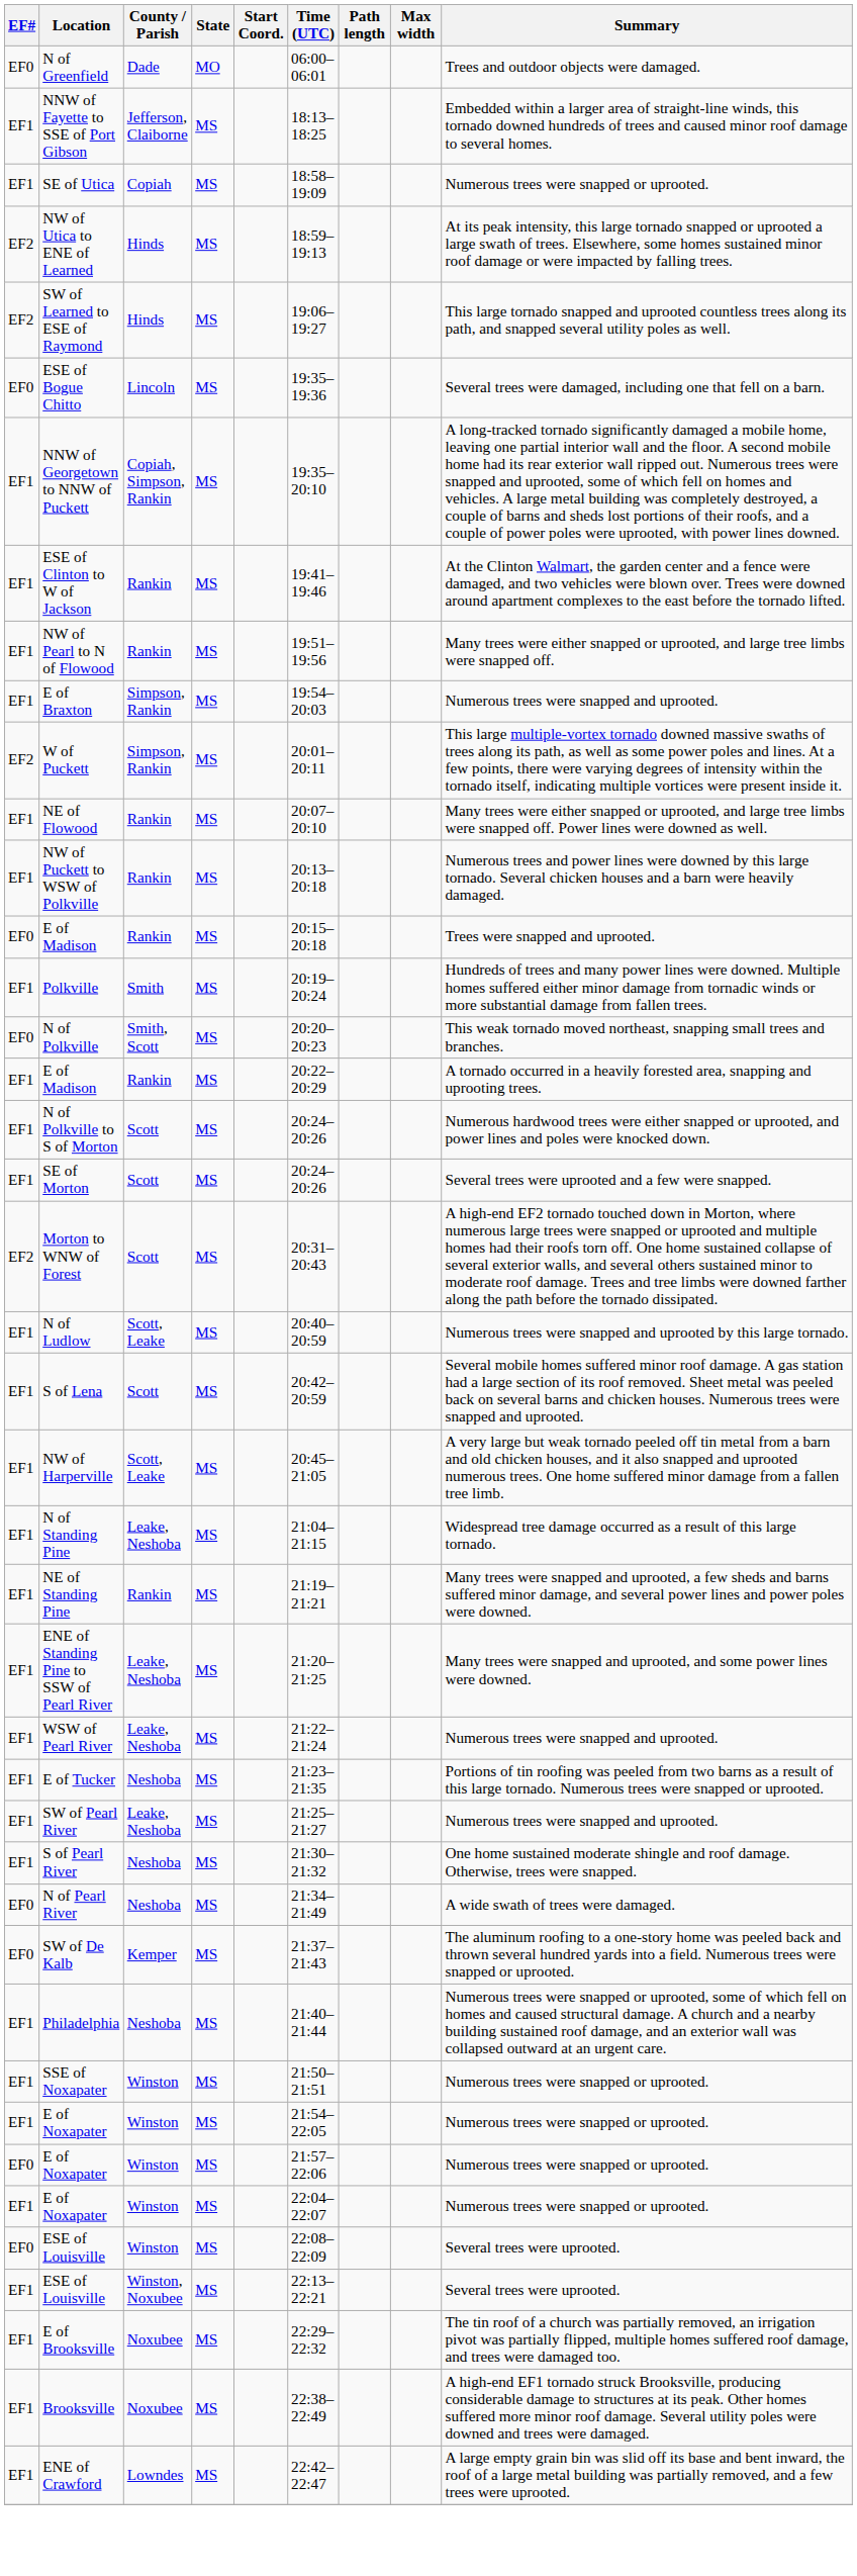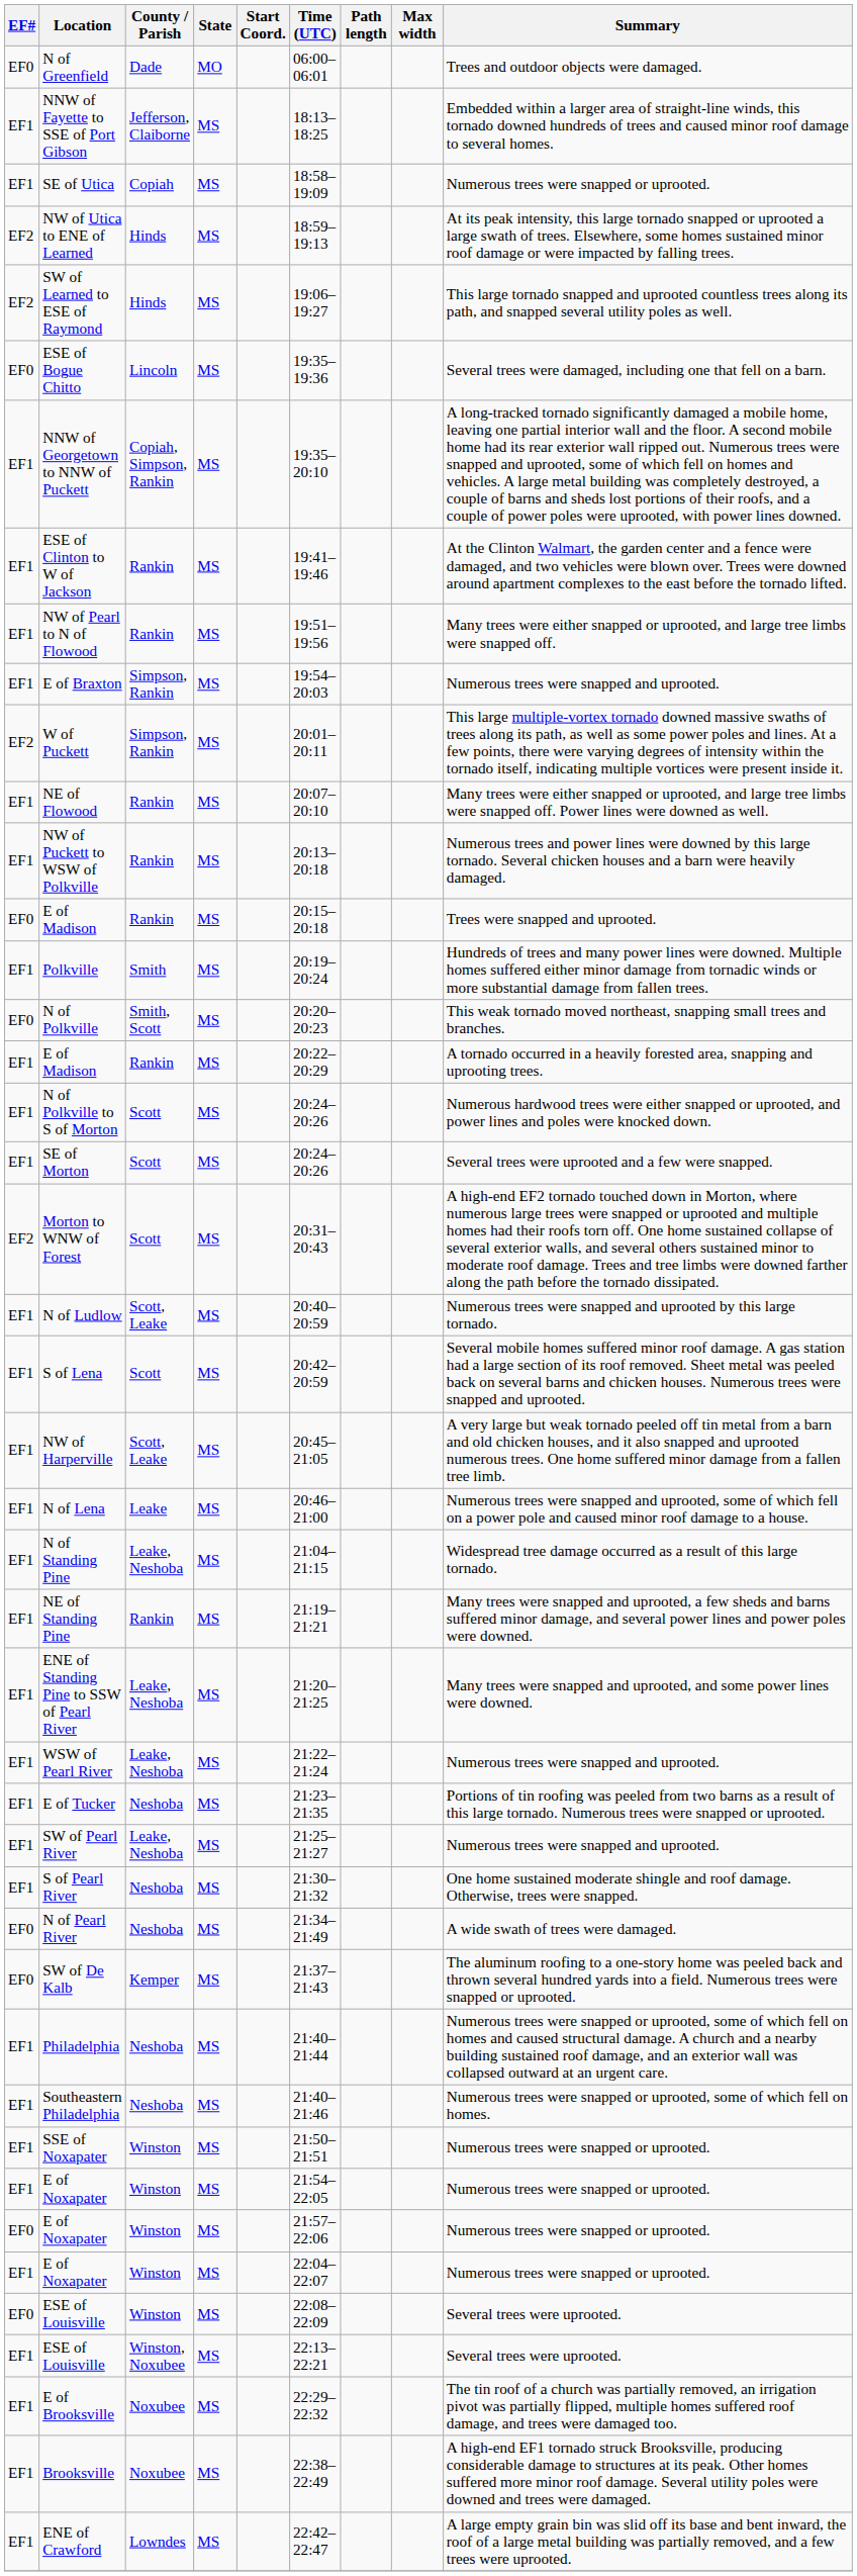 <table class="wikitable sortable" style="width:100%;">
 <tr>
 <th scope="col"  style="width:3%; text-align:center;"><a href='#'>EF#</a></th>
 <th scope="col"  style="width:7%; text-align:center;" class="unsortable">Location</th>
 <th scope="col"  style="width:6%; text-align:center;" class="unsortable">County / Parish</th>
 <th scope="col"  style="width:5%; text-align:center;">State</th>
 <th scope="col"  style="width:6%; text-align:center;">Start Coord.</th>
 <th scope="col"  style="width:6%; text-align:center;">Time (<a href='#'>UTC</a>)</th>
 <th scope="col"  style="width:6%; text-align:center;">Path length</th>
 <th scope="col"  style="width:6%; text-align:center;">Max width</th>
 <th scope="col" class="unsortable" style="width:48%; text-align:center;">Summary</th>
 </tr>
 <tr>
 <td>EF0</td>
 <td>N of <a href='#'>Greenfield</a></td>
 <td><a href='#'>Dade</a></td>
 <td><a href='#'>MO</a></td>
 <td></td>
 <td>06:00–06:01</td>
 <td></td>
 <td></td>
 <td>Trees and outdoor objects were damaged.</td>
 </tr>
 <tr>
 <td>EF1</td>
 <td>NNW of <a href='#'>Fayette</a> to SSE of <a href='#'>Port Gibson</a></td>
 <td><a href='#'>Jefferson</a>, <a href='#'>Claiborne</a></td>
 <td><a href='#'>MS</a></td>
 <td></td>
 <td>18:13–18:25</td>
 <td></td>
 <td></td>
 <td>Embedded within a larger area of straight-line winds, this tornado downed hundreds of trees and caused minor roof damage to several homes.</td>
 </tr>
 <tr>
 <td>EF1</td>
 <td>SE of <a href='#'>Utica</a></td>
 <td><a href='#'>Copiah</a></td>
 <td><a href='#'>MS</a></td>
 <td></td>
 <td>18:58–19:09</td>
 <td></td>
 <td></td>
 <td>Numerous trees were snapped or uprooted.</td>
 </tr>
 <tr>
 <td>EF2</td>
 <td>NW of <a href='#'>Utica</a> to ENE of <a href='#'>Learned</a></td>
 <td><a href='#'>Hinds</a></td>
 <td><a href='#'>MS</a></td>
 <td></td>
 <td>18:59–19:13</td>
 <td></td>
 <td></td>
 <td>At its peak intensity, this large tornado snapped or uprooted a large swath of trees. Elsewhere, some homes sustained minor roof damage or were impacted by falling trees.</td>
 </tr>
 <tr>
 <td>EF2</td>
 <td>SW of <a href='#'>Learned</a> to ESE of <a href='#'>Raymond</a></td>
 <td><a href='#'>Hinds</a></td>
 <td><a href='#'>MS</a></td>
 <td></td>
 <td>19:06–19:27</td>
 <td></td>
 <td></td>
 <td>This large tornado snapped and uprooted countless trees along its path, and snapped several utility poles as well.</td>
 </tr>
 <tr>
 <td>EF0</td>
 <td>ESE of <a href='#'>Bogue Chitto</a></td>
 <td><a href='#'>Lincoln</a></td>
 <td><a href='#'>MS</a></td>
 <td></td>
 <td>19:35–19:36</td>
 <td></td>
 <td></td>
 <td>Several trees were damaged, including one that fell on a barn.</td>
 </tr>
 <tr>
 <td>EF1</td>
 <td>NNW of <a href='#'>Georgetown</a> to NNW of <a href='#'>Puckett</a></td>
 <td><a href='#'>Copiah</a>, <a href='#'>Simpson</a>, <a href='#'>Rankin</a></td>
 <td><a href='#'>MS</a></td>
 <td></td>
 <td>19:35–20:10</td>
 <td></td>
 <td></td>
 <td>A long-tracked tornado significantly damaged a mobile home, leaving one partial interior wall and the floor. A second mobile home had its rear exterior wall ripped out. Numerous trees were snapped and uprooted, some of which fell on homes and vehicles. A large metal building was completely destroyed, a couple of barns and sheds lost portions of their roofs, and a couple of power poles were uprooted, with power lines downed.</td>
 </tr>
 <tr>
 <td>EF1</td>
 <td>ESE of <a href='#'>Clinton</a> to W of <a href='#'>Jackson</a></td>
 <td><a href='#'>Rankin</a></td>
 <td><a href='#'>MS</a></td>
 <td></td>
 <td>19:41–19:46</td>
 <td></td>
 <td></td>
 <td>At the Clinton <a href='#'>Walmart</a>, the garden center and a fence were damaged, and two vehicles were blown over. Trees were downed around apartment complexes to the east before the tornado lifted.</td>
 </tr>
 <tr>
 <td>EF1</td>
 <td>NW of <a href='#'>Pearl</a> to N of <a href='#'>Flowood</a></td>
 <td><a href='#'>Rankin</a></td>
 <td><a href='#'>MS</a></td>
 <td></td>
 <td>19:51–19:56</td>
 <td></td>
 <td></td>
 <td>Many trees were either snapped or uprooted, and large tree limbs were snapped off.</td>
 </tr>
 <tr>
 <td>EF1</td>
 <td>E of <a href='#'>Braxton</a></td>
 <td><a href='#'>Simpson</a>, <a href='#'>Rankin</a></td>
 <td><a href='#'>MS</a></td>
 <td></td>
 <td>19:54–20:03</td>
 <td></td>
 <td></td>
 <td>Numerous trees were snapped and uprooted.</td>
 </tr>
 <tr>
 <td>EF2</td>
 <td>W of <a href='#'>Puckett</a></td>
 <td><a href='#'>Simpson</a>, <a href='#'>Rankin</a></td>
 <td><a href='#'>MS</a></td>
 <td></td>
 <td>20:01–20:11</td>
 <td></td>
 <td></td>
 <td>This large <a href='#'>multiple-vortex tornado</a> downed massive swaths of trees along its path, as well as some power poles and lines. At a few points, there were varying degrees of intensity within the tornado itself, indicating multiple vortices were present inside it.</td>
 </tr>
 <tr>
 <td>EF1</td>
 <td>NE of <a href='#'>Flowood</a></td>
 <td><a href='#'>Rankin</a></td>
 <td><a href='#'>MS</a></td>
 <td></td>
 <td>20:07–20:10</td>
 <td></td>
 <td></td>
 <td>Many trees were either snapped or uprooted, and large tree limbs were snapped off. Power lines were downed as well.</td>
 </tr>
 <tr>
 <td>EF1</td>
 <td>NW of <a href='#'>Puckett</a> to WSW of <a href='#'>Polkville</a></td>
 <td><a href='#'>Rankin</a></td>
 <td><a href='#'>MS</a></td>
 <td></td>
 <td>20:13–20:18</td>
 <td></td>
 <td></td>
 <td>Numerous trees and power lines were downed by this large tornado. Several chicken houses and a barn were heavily damaged.</td>
 </tr>
 <tr>
 <td>EF0</td>
 <td>E of <a href='#'>Madison</a></td>
 <td><a href='#'>Rankin</a></td>
 <td><a href='#'>MS</a></td>
 <td></td>
 <td>20:15–20:18</td>
 <td></td>
 <td></td>
 <td>Trees were snapped and uprooted.</td>
 </tr>
 <tr>
 <td>EF1</td>
 <td><a href='#'>Polkville</a></td>
 <td><a href='#'>Smith</a></td>
 <td><a href='#'>MS</a></td>
 <td></td>
 <td>20:19–20:24</td>
 <td></td>
 <td></td>
 <td>Hundreds of trees and many power lines were downed. Multiple homes suffered either minor damage from tornadic winds or more substantial damage from fallen trees.</td>
 </tr>
 <tr>
 <td>EF0</td>
 <td>N of <a href='#'>Polkville</a></td>
 <td><a href='#'>Smith</a>, <a href='#'>Scott</a></td>
 <td><a href='#'>MS</a></td>
 <td></td>
 <td>20:20–20:23</td>
 <td></td>
 <td></td>
 <td>This weak tornado moved northeast, snapping small trees and branches.</td>
 </tr>
 <tr>
 <td>EF1</td>
 <td>E of <a href='#'>Madison</a></td>
 <td><a href='#'>Rankin</a></td>
 <td><a href='#'>MS</a></td>
 <td></td>
 <td>20:22–20:29</td>
 <td></td>
 <td></td>
 <td>A tornado occurred in a heavily forested area, snapping and uprooting trees.</td>
 </tr>
 <tr>
 <td>EF1</td>
 <td>N of <a href='#'>Polkville</a> to S of <a href='#'>Morton</a></td>
 <td><a href='#'>Scott</a></td>
 <td><a href='#'>MS</a></td>
 <td></td>
 <td>20:24–20:26</td>
 <td></td>
 <td></td>
 <td>Numerous hardwood trees were either snapped or uprooted, and power lines and poles were knocked down.</td>
 </tr>
 <tr>
 <td>EF1</td>
 <td>SE of <a href='#'>Morton</a></td>
 <td><a href='#'>Scott</a></td>
 <td><a href='#'>MS</a></td>
 <td></td>
 <td>20:24–20:26</td>
 <td></td>
 <td></td>
 <td>Several trees were uprooted and a few were snapped.</td>
 </tr>
 <tr>
 <td>EF2</td>
 <td><a href='#'>Morton</a> to WNW of <a href='#'>Forest</a></td>
 <td><a href='#'>Scott</a></td>
 <td><a href='#'>MS</a></td>
 <td></td>
 <td>20:31–20:43</td>
 <td></td>
 <td></td>
 <td>A high-end EF2 tornado touched down in Morton, where numerous large trees were snapped or uprooted and multiple homes had their roofs torn off. One home sustained collapse of several exterior walls, and several others sustained minor to moderate roof damage. Trees and tree limbs were downed farther along the path before the tornado dissipated.</td>
 </tr>
 <tr>
 <td>EF1</td>
 <td>N of <a href='#'>Ludlow</a></td>
 <td><a href='#'>Scott</a>, <a href='#'>Leake</a></td>
 <td><a href='#'>MS</a></td>
 <td></td>
 <td>20:40–20:59</td>
 <td></td>
 <td></td>
 <td>Numerous trees were snapped and uprooted by this large tornado.</td>
 </tr>
 <tr>
 <td>EF1</td>
 <td>S of <a href='#'>Lena</a></td>
 <td><a href='#'>Scott</a></td>
 <td><a href='#'>MS</a></td>
 <td></td>
 <td>20:42–20:59</td>
 <td></td>
 <td></td>
 <td>Several mobile homes suffered minor roof damage. A gas station had a large section of its roof removed. Sheet metal was peeled back on several barns and chicken houses. Numerous trees were snapped and uprooted.</td>
 </tr>
 <tr>
 <td>EF1</td>
 <td>NW of <a href='#'>Harperville</a></td>
 <td><a href='#'>Scott</a>, <a href='#'>Leake</a></td>
 <td><a href='#'>MS</a></td>
 <td></td>
 <td>20:45–21:05</td>
 <td></td>
 <td></td>
 <td>A very large but weak tornado peeled off tin metal from a barn and old chicken houses, and it also snapped and uprooted numerous trees. One home suffered minor damage from a fallen tree limb.</td>
 </tr>
 <tr>
 <td>EF1</td>
+<td>N of <a href='#'>Lena</a></td>
+<td><a href='#'>Leake</a></td>
+<td><a href='#'>MS</a></td>
+<td></td>
+<td>20:46–21:00</td>
+<td></td>
+<td></td>
+<td>Numerous trees were snapped and uprooted, some of which fell on a power pole and caused minor roof damage to a house.</td>
+</tr>
+<tr>
+<td>EF1</td>
 <td>N of <a href='#'>Standing Pine</a></td>
 <td><a href='#'>Leake</a>, <a href='#'>Neshoba</a></td>
 <td><a href='#'>MS</a></td>
 <td></td>
 <td>21:04–21:15</td>
 <td></td>
 <td></td>
 <td>Widespread tree damage occurred as a result of this large tornado.</td>
 </tr>
 <tr>
 <td>EF1</td>
 <td>NE of <a href='#'>Standing Pine</a></td>
 <td><a href='#'>Rankin</a></td>
 <td><a href='#'>MS</a></td>
 <td></td>
 <td>21:19–21:21</td>
 <td></td>
 <td></td>
 <td>Many trees were snapped and uprooted, a few sheds and barns suffered minor damage, and several power lines and power poles were downed.</td>
 </tr>
 <tr>
 <td>EF1</td>
 <td>ENE of <a href='#'>Standing Pine</a> to SSW of <a href='#'>Pearl River</a></td>
 <td><a href='#'>Leake</a>, <a href='#'>Neshoba</a></td>
 <td><a href='#'>MS</a></td>
 <td></td>
 <td>21:20–21:25</td>
 <td></td>
 <td></td>
 <td>Many trees were snapped and uprooted, and some power lines were downed.</td>
 </tr>
 <tr>
 <td>EF1</td>
 <td>WSW of <a href='#'>Pearl River</a></td>
 <td><a href='#'>Leake</a>, <a href='#'>Neshoba</a></td>
 <td><a href='#'>MS</a></td>
 <td></td>
 <td>21:22–21:24</td>
 <td></td>
 <td></td>
 <td>Numerous trees were snapped and uprooted.</td>
 </tr>
 <tr>
 <td>EF1</td>
 <td>E of <a href='#'>Tucker</a></td>
 <td><a href='#'>Neshoba</a></td>
 <td><a href='#'>MS</a></td>
 <td></td>
 <td>21:23–21:35</td>
 <td></td>
 <td></td>
 <td>Portions of tin roofing was peeled from two barns as a result of this large tornado. Numerous trees were snapped or uprooted.</td>
 </tr>
 <tr>
 <td>EF1</td>
 <td>SW of <a href='#'>Pearl River</a></td>
 <td><a href='#'>Leake</a>, <a href='#'>Neshoba</a></td>
 <td><a href='#'>MS</a></td>
 <td></td>
 <td>21:25–21:27</td>
 <td></td>
 <td></td>
 <td>Numerous trees were snapped and uprooted.</td>
 </tr>
 <tr>
 <td>EF1</td>
 <td>S of <a href='#'>Pearl River</a></td>
 <td><a href='#'>Neshoba</a></td>
 <td><a href='#'>MS</a></td>
 <td></td>
 <td>21:30–21:32</td>
 <td></td>
 <td></td>
 <td>One home sustained moderate shingle and roof damage. Otherwise, trees were snapped.</td>
 </tr>
 <tr>
 <td>EF0</td>
 <td>N of <a href='#'>Pearl River</a></td>
 <td><a href='#'>Neshoba</a></td>
 <td><a href='#'>MS</a></td>
 <td></td>
 <td>21:34–21:49</td>
 <td></td>
 <td></td>
 <td>A wide swath of trees were damaged.</td>
 </tr>
 <tr>
 <td>EF0</td>
 <td>SW of <a href='#'>De Kalb</a></td>
 <td><a href='#'>Kemper</a></td>
 <td><a href='#'>MS</a></td>
 <td></td>
 <td>21:37–21:43</td>
 <td></td>
 <td></td>
 <td>The aluminum roofing to a one-story home was peeled back and thrown several hundred yards into a field. Numerous trees were snapped or uprooted.</td>
 </tr>
 <tr>
 <td>EF1</td>
 <td><a href='#'>Philadelphia</a></td>
 <td><a href='#'>Neshoba</a></td>
 <td><a href='#'>MS</a></td>
 <td></td>
 <td>21:40–21:44</td>
 <td></td>
 <td></td>
 <td>Numerous trees were snapped or uprooted, some of which fell on homes and caused structural damage. A church and a nearby building sustained roof damage, and an exterior wall was collapsed outward at an urgent care.</td>
 </tr>
 <tr>
 <td>EF1</td>
+<td>Southeastern <a href='#'>Philadelphia</a></td>
+<td><a href='#'>Neshoba</a></td>
+<td><a href='#'>MS</a></td>
+<td></td>
+<td>21:40–21:46</td>
+<td></td>
+<td></td>
+<td>Numerous trees were snapped or uprooted, some of which fell on homes.</td>
+</tr>
+<tr>
+<td>EF1</td>
 <td>SSE of <a href='#'>Noxapater</a></td>
 <td><a href='#'>Winston</a></td>
 <td><a href='#'>MS</a></td>
 <td></td>
 <td>21:50–21:51</td>
 <td></td>
 <td></td>
 <td>Numerous trees were snapped or uprooted.</td>
 </tr>
 <tr>
 <td>EF1</td>
 <td>E of <a href='#'>Noxapater</a></td>
 <td><a href='#'>Winston</a></td>
 <td><a href='#'>MS</a></td>
 <td></td>
 <td>21:54–22:05</td>
 <td></td>
 <td></td>
 <td>Numerous trees were snapped or uprooted.</td>
 </tr>
 <tr>
 <td>EF0</td>
 <td>E of <a href='#'>Noxapater</a></td>
 <td><a href='#'>Winston</a></td>
 <td><a href='#'>MS</a></td>
 <td></td>
 <td>21:57–22:06</td>
 <td></td>
 <td></td>
 <td>Numerous trees were snapped or uprooted.</td>
 </tr>
 <tr>
 <td>EF1</td>
 <td>E of <a href='#'>Noxapater</a></td>
 <td><a href='#'>Winston</a></td>
 <td><a href='#'>MS</a></td>
 <td></td>
 <td>22:04–22:07</td>
 <td></td>
 <td></td>
 <td>Numerous trees were snapped or uprooted.</td>
 </tr>
 <tr>
 <td>EF0</td>
 <td>ESE of <a href='#'>Louisville</a></td>
 <td><a href='#'>Winston</a></td>
 <td><a href='#'>MS</a></td>
 <td></td>
 <td>22:08–22:09</td>
 <td></td>
 <td></td>
 <td>Several trees were uprooted.</td>
 </tr>
 <tr>
 <td>EF1</td>
 <td>ESE of <a href='#'>Louisville</a></td>
 <td><a href='#'>Winston</a>, <a href='#'>Noxubee</a></td>
 <td><a href='#'>MS</a></td>
 <td></td>
 <td>22:13–22:21</td>
 <td></td>
 <td></td>
 <td>Several trees were uprooted.</td>
 </tr>
 <tr>
 <td>EF1</td>
 <td>E of <a href='#'>Brooksville</a></td>
 <td><a href='#'>Noxubee</a></td>
 <td><a href='#'>MS</a></td>
 <td></td>
 <td>22:29–22:32</td>
 <td></td>
 <td></td>
 <td>The tin roof of a church was partially removed, an irrigation pivot was partially flipped, multiple homes suffered roof damage, and trees were damaged too.</td>
 </tr>
 <tr>
 <td>EF1</td>
 <td><a href='#'>Brooksville</a></td>
 <td><a href='#'>Noxubee</a></td>
 <td><a href='#'>MS</a></td>
 <td></td>
 <td>22:38–22:49</td>
 <td></td>
 <td></td>
 <td>A high-end EF1 tornado struck Brooksville, producing considerable damage to structures at its peak. Other homes suffered more minor roof damage. Several utility poles were downed and trees were damaged.</td>
 </tr>
 <tr>
 <td>EF1</td>
 <td>ENE of <a href='#'>Crawford</a></td>
 <td><a href='#'>Lowndes</a></td>
 <td><a href='#'>MS</a></td>
 <td></td>
 <td>22:42–22:47</td>
 <td></td>
 <td></td>
 <td>A large empty grain bin was slid off its base and bent inward, the roof of a large metal building was partially removed, and a few trees were uprooted.</td>
 </tr>
 <tr>
 </tr>
 </table>
